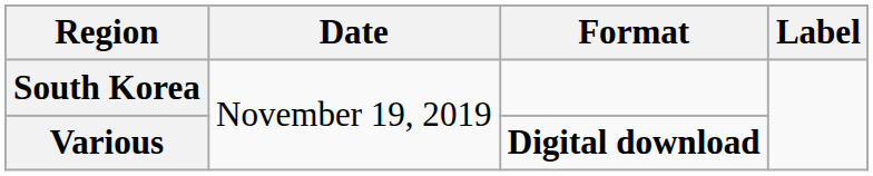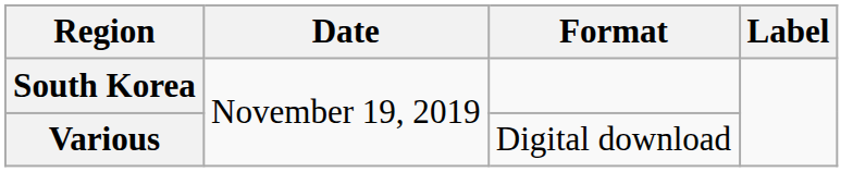 <table class="wikitable plainrowheaders">
 <tr>
 <th>Region</th>
 <th>Date</th>
 <th>Format</th>
 <th>Label</th>
 </tr>
 <tr>
 <th scope="row">South Korea</th>
 <td rowspan="2">November 19, 2019</td>
 <td></td>
 <td rowspan="2"></td>
 </tr>
 <tr>
 <th scope="row">Various</th>
-<td><strong>Digital download</strong></td>
+<td>Digital download</td>
 </tr>
 </table>
